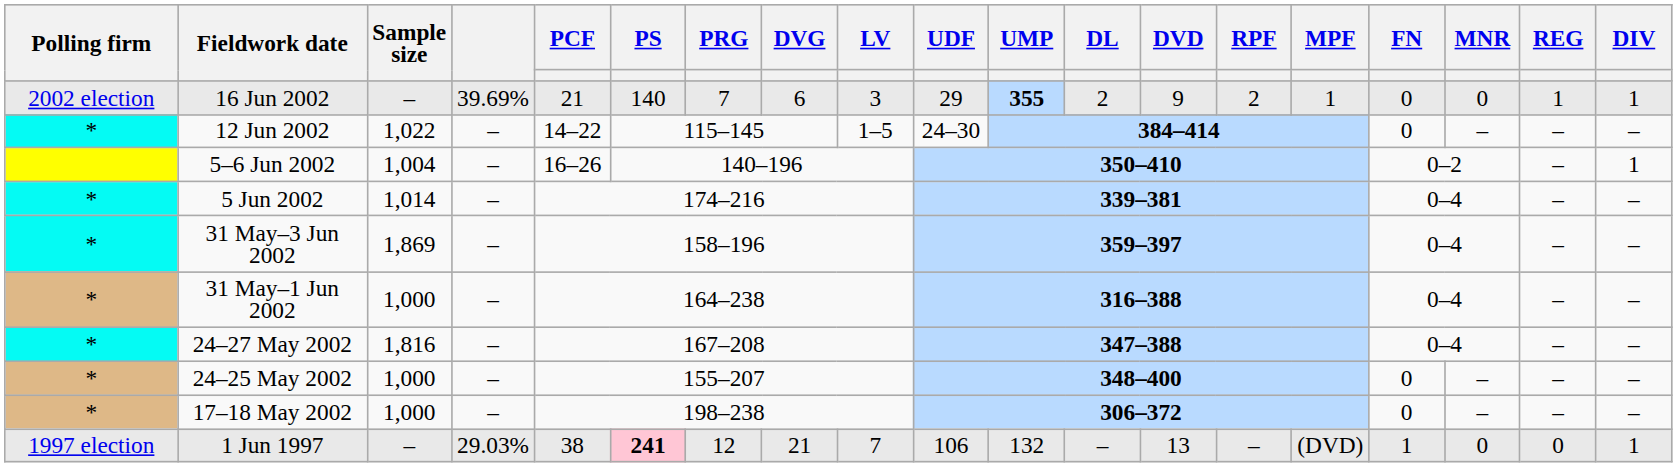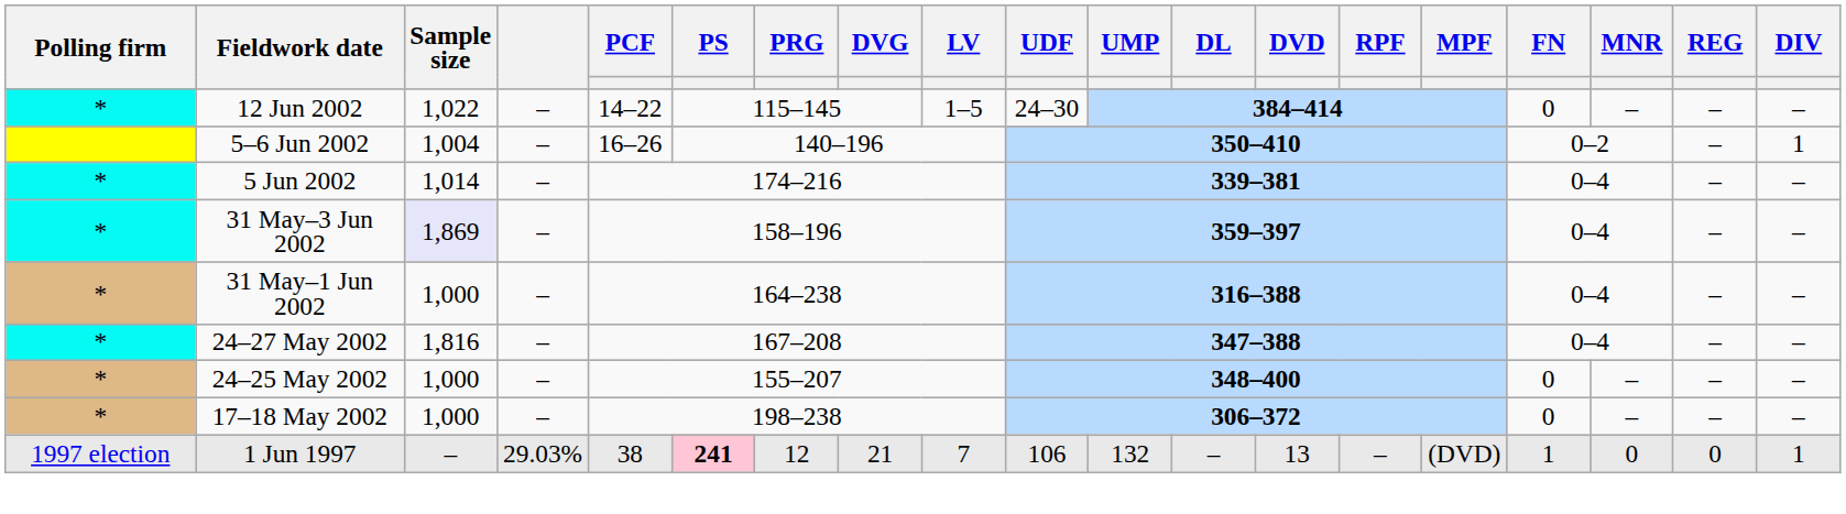 <table class="wikitable sortable" style="text-align:center;font-size:90%;line-height:14px;">
 <tr style="height:40px;">
 <th style="width:100px;" rowspan="2">Polling firm</th>
 <th style="width:110px;" rowspan="2">Fieldwork date</th>
 <th style="width:35px;" rowspan="2">Sample<br>size</th>
 <th style="width:30px;" rowspan="2"></th>
 <th class="unsortable" style="width:40px;"><a href='#'>PCF</a></th>
 <th class="unsortable" style="width:40px;"><a href='#'>PS</a></th>
 <th class="unsortable" style="width:40px;"><a href='#'>PRG</a></th>
 <th class="unsortable" style="width:40px;"><a href='#'>DVG</a></th>
 <th class="unsortable" style="width:40px;"><a href='#'>LV</a></th>
 <th class="unsortable" style="width:40px;"><a href='#'>UDF</a></th>
 <th class="unsortable" style="width:40px;"><a href='#'>UMP</a></th>
 <th class="unsortable" style="width:40px;"><a href='#'>DL</a></th>
 <th class="unsortable" style="width:40px;"><a href='#'>DVD</a></th>
 <th class="unsortable" style="width:40px;"><a href='#'>RPF</a></th>
 <th class="unsortable" style="width:40px;"><a href='#'>MPF</a></th>
 <th class="unsortable" style="width:40px;"><a href='#'>FN</a></th>
 <th class="unsortable" style="width:40px;"><a href='#'>MNR</a></th>
 <th class="unsortable" style="width:40px;"><a href='#'>REG</a></th>
 <th class="unsortable" style="width:40px;"><a href='#'>DIV</a></th>
 </tr>
 <tr>
 <th style="background:"></th>
 <th style="background:"></th>
 <th style="background:"></th>
 <th style="background:"></th>
 <th style="background:"></th>
 <th style="background:"></th>
 <th style="background:"></th>
 <th style="background:"></th>
 <th style="background:"></th>
 <th style="background:"></th>
 <th style="background:"></th>
 <th style="background:"></th>
 <th style="background:"></th>
 <th style="background:"></th>
 <th style="background:"></th>
-</tr>
-<tr style="background:#E9E9E9;">
-<td><a href='#'>2002 election</a></td>
-<td data-sort-value="2002-06-16">16 Jun 2002</td>
-<td>–</td>
-<td>39.69%</td>
-<td>21</td>
-<td>140</td>
-<td>7</td>
-<td>6</td>
-<td>3</td>
-<td>29</td>
-<td style="background:#B9DAFF;"><strong>355</strong></td>
-<td>2</td>
-<td>9</td>
-<td>2</td>
-<td>1</td>
-<td>0</td>
-<td>0</td>
-<td>1</td>
-<td>1</td>
 </tr>
 <tr>
 <td style="background:#04FBF4;">*</td>
 <td data-sort-value="2002-06-12">12 Jun 2002</td>
 <td>1,022</td>
 <td>–</td>
 <td>14–22</td>
 <td colspan="3">115–145</td>
 <td>1–5</td>
 <td>24–30</td>
 <td style="background:#B9DAFF;" colspan="5"><strong>384–414</strong></td>
 <td>0</td>
 <td>–</td>
 <td>–</td>
 <td>–</td>
 </tr>
 <tr>
 <td style="background:yellow;"></td>
 <td data-sort-value="2002-06-06">5–6 Jun 2002</td>
 <td>1,004</td>
 <td>–</td>
 <td>16–26</td>
 <td colspan="4">140–196</td>
 <td style="background:#B9DAFF;" colspan="6"><strong>350–410</strong></td>
 <td colspan="2">0–2</td>
 <td>–</td>
 <td>1</td>
 </tr>
 <tr>
 <td style="background:#04FBF4;">*</td>
 <td data-sort-value="2002-06-05">5 Jun 2002</td>
 <td>1,014</td>
 <td>–</td>
 <td colspan="5">174–216</td>
 <td style="background:#B9DAFF;" colspan="6"><strong>339–381</strong></td>
 <td colspan="2">0–4</td>
 <td>–</td>
 <td>–</td>
 </tr>
 <tr>
 <td style="background:#04FBF4;">*</td>
 <td data-sort-value="2002-06-03">31 May–3 Jun 2002</td>
-<td>1,869</td>
+<td style="background: lavender;">1,869</td>
 <td>–</td>
 <td colspan="5">158–196</td>
 <td style="background:#B9DAFF;" colspan="6"><strong>359–397</strong></td>
 <td colspan="2">0–4</td>
 <td>–</td>
 <td>–</td>
 </tr>
 <tr>
 <td style="background:burlywood;">*</td>
 <td data-sort-value="2002-06-01">31 May–1 Jun 2002</td>
 <td>1,000</td>
 <td>–</td>
 <td colspan="5">164–238</td>
 <td style="background:#B9DAFF;" colspan="6"><strong>316–388</strong></td>
 <td colspan="2">0–4</td>
 <td>–</td>
 <td>–</td>
 </tr>
 <tr>
 <td style="background:#04FBF4;">*</td>
 <td data-sort-value="2002-05-27">24–27 May 2002</td>
 <td>1,816</td>
 <td>–</td>
 <td colspan="5">167–208</td>
 <td style="background:#B9DAFF;" colspan="6"><strong>347–388</strong></td>
 <td colspan="2">0–4</td>
 <td>–</td>
 <td>–</td>
 </tr>
 <tr>
 <td style="background:burlywood;">*</td>
 <td data-sort-value="2002-05-25">24–25 May 2002</td>
 <td>1,000</td>
 <td>–</td>
 <td colspan="5">155–207</td>
 <td style="background:#B9DAFF;" colspan="6"><strong>348–400</strong></td>
 <td>0</td>
 <td>–</td>
 <td>–</td>
 <td>–</td>
 </tr>
 <tr>
 <td style="background:burlywood;">*</td>
 <td data-sort-value="2002-05-18">17–18 May 2002</td>
 <td>1,000</td>
 <td>–</td>
 <td colspan="5">198–238</td>
 <td style="background:#B9DAFF;" colspan="6"><strong>306–372</strong></td>
 <td>0</td>
 <td>–</td>
 <td>–</td>
 <td>–</td>
 </tr>
 <tr style="background:#E9E9E9;">
 <td><a href='#'>1997 election</a></td>
 <td data-sort-value="1997-06-01">1 Jun 1997</td>
 <td>–</td>
 <td>29.03%</td>
 <td>38</td>
 <td style="background:#FFC6D5;"><strong>241</strong></td>
 <td>12</td>
 <td>21</td>
 <td>7</td>
 <td>106</td>
 <td>132</td>
 <td>–</td>
 <td>13</td>
 <td>–</td>
 <td>(DVD)</td>
 <td>1</td>
 <td>0</td>
 <td>0</td>
 <td>1</td>
 </tr>
 </table>
